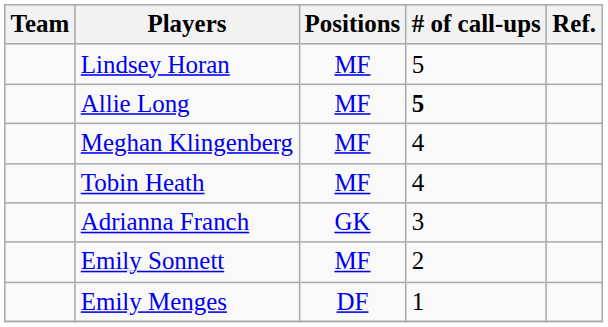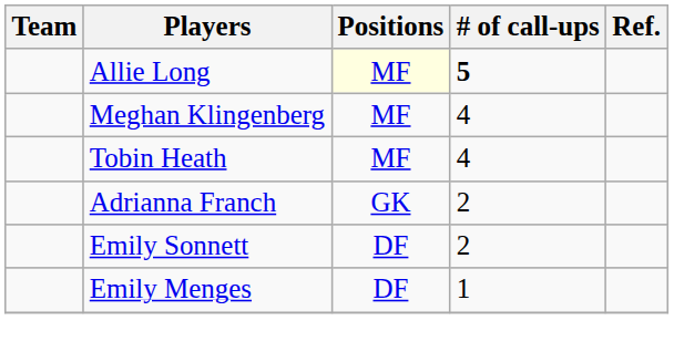 <table class="wikitable sortable" style="text-align: left;">
 <tr>
 <th>Team</th>
 <th>Players</th>
 <th>Positions</th>
 <th># of call-ups</th>
 <th>Ref.</th>
 </tr>
 <tr>
 <td></td>
-<td><a href='#'>Lindsey Horan</a></td>
-<td style="text-align:center;"><a href='#'>MF</a></td>
-<td>5</td>
-<td></td>
-</tr>
-<tr>
-<td></td>
 <td><a href='#'>Allie Long</a></td>
-<td style="text-align:center;"><a href='#'>MF</a></td>
+<td style="background: lightyellow; text-align:center;"><a href='#'>MF</a></td>
 <td><strong>5</strong></td>
 <td></td>
 </tr>
 <tr>
 <td></td>
 <td><a href='#'>Meghan Klingenberg</a></td>
 <td style="text-align:center;"><a href='#'>MF</a></td>
 <td>4</td>
 <td></td>
 </tr>
 <tr>
 <td></td>
 <td><a href='#'>Tobin Heath</a></td>
 <td style="text-align:center;"><a href='#'>MF</a></td>
 <td>4</td>
 <td></td>
 </tr>
 <tr>
 <td></td>
 <td><a href='#'>Adrianna Franch</a></td>
 <td style="text-align:center;"><a href='#'>GK</a></td>
-<td>3</td>
+<td>2</td>
 <td></td>
 </tr>
 <tr>
 <td></td>
 <td><a href='#'>Emily Sonnett</a></td>
-<td style="text-align:center;"><a href='#'>MF</a></td>
+<td style="text-align:center;"><a href='#'>DF</a></td>
 <td>2</td>
 <td></td>
 </tr>
 <tr>
 <td></td>
 <td><a href='#'>Emily Menges</a></td>
 <td style="text-align:center;"><a href='#'>DF</a></td>
 <td>1</td>
 <td></td>
 </tr>
 <tr>
 </tr>
 </table>
